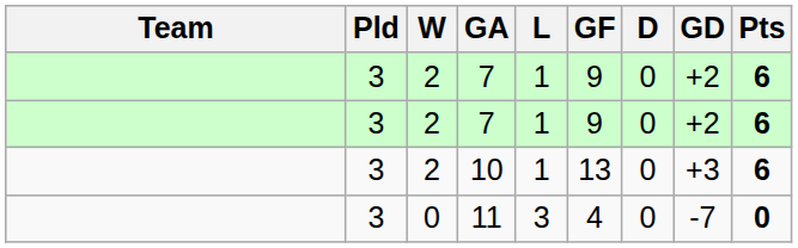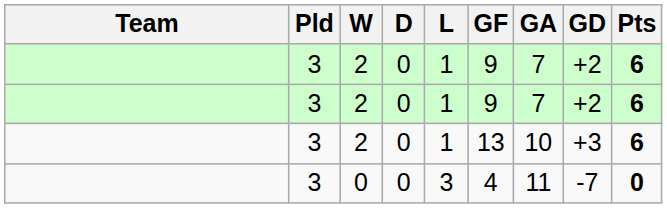 <table class="wikitable" style="text-align: center;">
 <tr>
 <th width="175">Team</th>
 <th width="20">Pld</th>
 <th width="20">W</th>
-<th width="20">GA</th>
+<th width="20">D</th>
 <th width="20">L</th>
 <th width="20">GF</th>
-<th width="20">D</th>
+<th width="20">GA</th>
 <th width="20">GD</th>
 <th width="20">Pts</th>
 </tr>
 <tr bgcolor="#ccffcc">
 <td style="text-align:left;"></td>
 <td>3</td>
 <td>2</td>
-<td>7</td>
+<td>0</td>
 <td>1</td>
 <td>9</td>
-<td>0</td>
+<td>7</td>
 <td>+2</td>
 <td><strong>6</strong></td>
 </tr>
 <tr bgcolor="#ccffcc">
 <td style="text-align:left;"><em></em></td>
 <td>3</td>
 <td>2</td>
-<td>7</td>
+<td>0</td>
 <td>1</td>
 <td>9</td>
-<td>0</td>
+<td>7</td>
 <td>+2</td>
 <td><strong>6</strong></td>
 </tr>
 <tr align=center>
 <td style="text-align:left;"></td>
 <td>3</td>
 <td>2</td>
-<td>10</td>
+<td>0</td>
 <td>1</td>
 <td>13</td>
-<td>0</td>
+<td>10</td>
 <td>+3</td>
 <td><strong>6</strong></td>
 </tr>
 <tr align=center>
 <td style="text-align:left;"></td>
 <td>3</td>
 <td>0</td>
-<td>11</td>
+<td>0</td>
 <td>3</td>
 <td>4</td>
-<td>0</td>
+<td>11</td>
 <td>-7</td>
 <td><strong>0</strong></td>
 </tr>
 </table>
